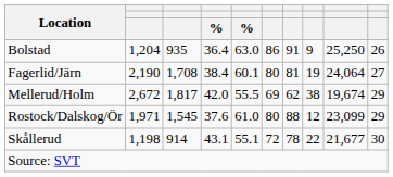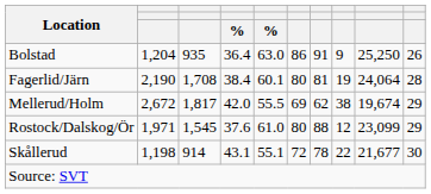 <table role="presentation" class="wikitable sortable mw-collapsible">
 <tr>
 <th rowspan="3">Location</th>
 <th></th>
 <th></th>
 <th></th>
 <th></th>
 <th></th>
 <th></th>
 <th></th>
 <th></th>
 <th></th>
 </tr>
 <tr>
 <th></th>
 <th></th>
 <th style="background:"></th>
 <th style="background:"></th>
 <th></th>
 <th></th>
 <th></th>
 <th></th>
 <th></th>
 </tr>
 <tr>
 <th data-sort-type="number"></th>
 <th data-sort-type="number"></th>
 <th data-sort-type="number">%</th>
 <th data-sort-type="number">%</th>
 <th data-sort-type="number"></th>
 <th data-sort-type="number"></th>
 <th data-sort-type="number"></th>
 <th data-sort-type="number"></th>
 <th data-sort-type="number"></th>
 </tr>
 <tr>
 <td align="left">Bolstad</td>
 <td>1,204</td>
 <td>935</td>
 <td>36.4</td>
 <td>63.0</td>
 <td>86</td>
 <td>91</td>
 <td>9</td>
 <td>25,250</td>
 <td>26</td>
 </tr>
 <tr>
 <td align="left">Fagerlid/Järn</td>
 <td>2,190</td>
 <td>1,708</td>
 <td>38.4</td>
 <td>60.1</td>
 <td>80</td>
 <td>81</td>
 <td>19</td>
 <td>24,064</td>
-<td>27</td>
+<td>28</td>
 </tr>
 <tr>
 <td align="left">Mellerud/Holm</td>
 <td>2,672</td>
 <td>1,817</td>
 <td>42.0</td>
 <td>55.5</td>
 <td>69</td>
 <td>62</td>
 <td>38</td>
 <td>19,674</td>
 <td>29</td>
 </tr>
 <tr>
 <td align="left">Rostock/Dalskog/Ör</td>
 <td>1,971</td>
 <td>1,545</td>
 <td>37.6</td>
 <td>61.0</td>
 <td>80</td>
 <td>88</td>
 <td>12</td>
 <td>23,099</td>
 <td>29</td>
 </tr>
 <tr>
 <td align="left">Skållerud</td>
 <td>1,198</td>
 <td>914</td>
 <td>43.1</td>
 <td>55.1</td>
 <td>72</td>
 <td>78</td>
 <td>22</td>
 <td>21,677</td>
 <td>30</td>
 </tr>
 <tr>
 <td colspan="10" align="left">Source: <a href='#'>SVT</a></td>
 </tr>
 </table>
